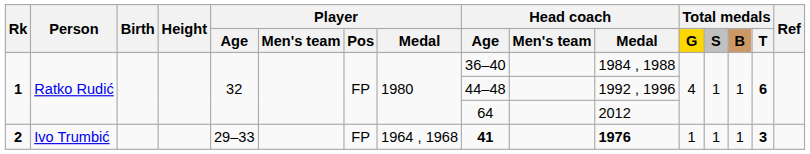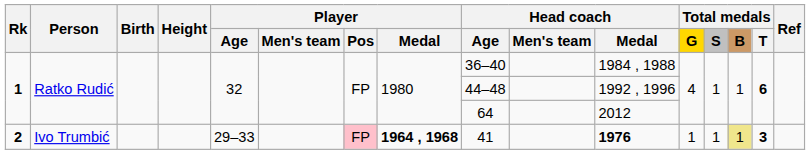 <table class="wikitable sortable" style="text-align: center; font-size: 80%; margin-left: 1em;">
 <tr>
 <th rowspan="2">Rk</th>
 <th rowspan="2">Person</th>
 <th rowspan="2">Birth</th>
 <th rowspan="2">Height</th>
 <th colspan="4">Player</th>
 <th colspan="3">Head coach</th>
 <th colspan="4">Total medals</th>
 <th rowspan="2" class="unsortable">Ref</th>
 </tr>
 <tr>
 <th>Age</th>
 <th>Men's team</th>
 <th>Pos</th>
 <th>Medal</th>
 <th>Age</th>
 <th>Men's team</th>
 <th>Medal</th>
 <th style="background-color: gold;">G</th>
 <th style="background-color: silver;">S</th>
 <th style="background-color: #cc9966;">B</th>
 <th>T</th>
 </tr>
 <tr>
 <td rowspan="3"><strong>1</strong></td>
 <td rowspan="3" style="text-align: left;" data-sort-value="Rudić, Ratko"><a href='#'>Ratko Rudić</a></td>
 <td rowspan="3"></td>
 <td rowspan="3"></td>
 <td rowspan="3">32</td>
 <td rowspan="3" style="text-align: left;"></td>
 <td rowspan="3">FP</td>
 <td rowspan="3" style="text-align: left;">1980 </td>
 <td>36–40</td>
 <td style="text-align: left;"></td>
 <td style="text-align: left;">1984 , 1988 </td>
 <td rowspan="3">4</td>
 <td rowspan="3">1</td>
 <td rowspan="3">1</td>
 <td rowspan="3"><strong>6</strong></td>
 <td rowspan="3"><br><br></td>
 </tr>
 <tr>
 <td>44–48</td>
 <td style="text-align: left;"></td>
 <td style="text-align: left;">1992 , 1996 </td>
 </tr>
 <tr>
 <td>64</td>
 <td style="text-align: left;"></td>
 <td style="text-align: left;">2012 </td>
 </tr>
 <tr>
 <td><strong>2</strong></td>
 <td style="text-align: left;" data-sort-value="Trumbić, Ivo"><a href='#'>Ivo Trumbić</a></td>
 <td></td>
 <td></td>
 <td>29–33</td>
 <td style="text-align: left;"></td>
-<td>FP</td>
-<td style="text-align: left;">1964 , 1968 </td>
-<td><strong>41</strong></td>
+<td style="background: pink;">FP</td>
+<td style="text-align: left;"><strong>1964 , 1968 </strong></td>
+<td>41</td>
 <td style="text-align: left;"></td>
 <td style="text-align: left;"><strong>1976 </strong></td>
 <td>1</td>
 <td>1</td>
-<td>1</td>
+<td style="background: khaki;">1</td>
 <td><strong>3</strong></td>
 <td><br></td>
 </tr>
 </table>
